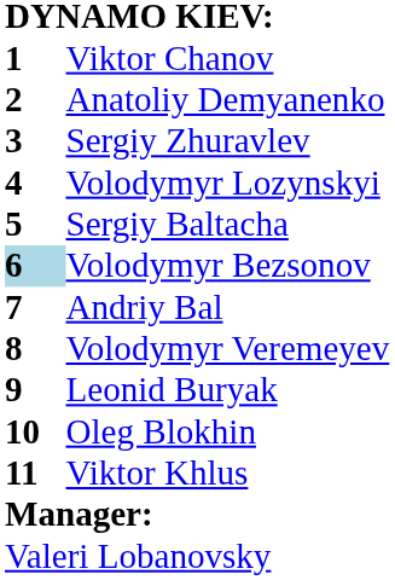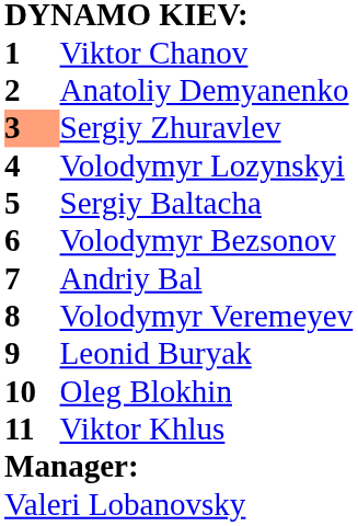 <table style="font-size: 90%" cellspacing="0" cellpadding="0">
 <tr>
 <td colspan="4"><strong>DYNAMO KIEV:</strong></td>
 </tr>
 <tr>
 <th width="25"></th>
 </tr>
 <tr>
 <td><strong>1</strong></td>
 <td> <a href='#'>Viktor Chanov</a></td>
 </tr>
 <tr>
 <td><strong>2</strong></td>
 <td> <a href='#'>Anatoliy Demyanenko</a></td>
 </tr>
 <tr>
-<td><strong>3</strong></td>
+<td style="background: lightsalmon;"><strong>3</strong></td>
 <td> <a href='#'>Sergiy Zhuravlev</a></td>
 </tr>
 <tr>
 <td><strong>4</strong></td>
 <td> <a href='#'>Volodymyr Lozynskyi</a></td>
 </tr>
 <tr>
 <td><strong>5</strong></td>
 <td> <a href='#'>Sergiy Baltacha</a></td>
 </tr>
 <tr>
-<td style="background: lightblue;"><strong>6</strong></td>
+<td><strong>6</strong></td>
 <td> <a href='#'>Volodymyr Bezsonov</a></td>
 </tr>
 <tr>
 <td><strong>7</strong></td>
 <td>  <a href='#'>Andriy Bal</a></td>
 </tr>
 <tr>
 <td><strong>8</strong></td>
 <td>  <a href='#'>Volodymyr Veremeyev</a></td>
 </tr>
 <tr>
 <td><strong>9</strong></td>
 <td> <a href='#'>Leonid Buryak</a></td>
 </tr>
 <tr>
 <td><strong>10</strong></td>
 <td>  <a href='#'>Oleg Blokhin</a></td>
 </tr>
 <tr>
 <td><strong>11</strong></td>
 <td> <a href='#'>Viktor Khlus</a></td>
 </tr>
 <tr>
 <td colspan=4><strong>Manager:</strong></td>
 </tr>
 <tr>
 <td colspan="4"> <a href='#'>Valeri Lobanovsky</a></td>
 </tr>
 </table>
